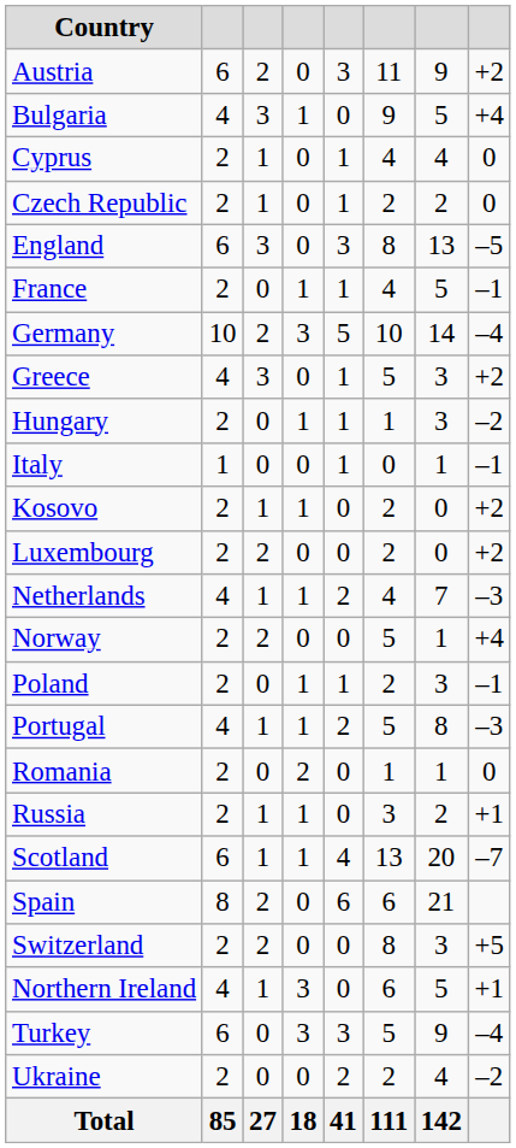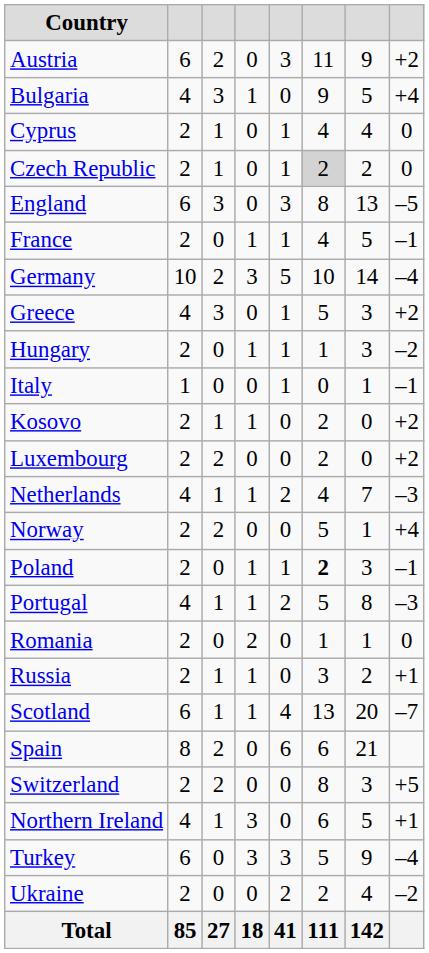 <table class="wikitable" style="text-align:center">
 <tr>
 <th style="background:#DCDCDC">Country</th>
 <th style="background:#DCDCDC"></th>
 <th style="background:#DCDCDC"></th>
 <th style="background:#DCDCDC"></th>
 <th style="background:#DCDCDC"></th>
 <th style="background:#DCDCDC"></th>
 <th style="background:#DCDCDC"></th>
 <th style="background:#DCDCDC"></th>
 </tr>
 <tr>
 <td align=left> <a href='#'>Austria</a></td>
 <td>6</td>
 <td>2</td>
 <td>0</td>
 <td>3</td>
 <td>11</td>
 <td>9</td>
 <td>+2</td>
 </tr>
 <tr>
 <td align=left> <a href='#'>Bulgaria</a></td>
 <td>4</td>
 <td>3</td>
 <td>1</td>
 <td>0</td>
 <td>9</td>
 <td>5</td>
 <td>+4</td>
 </tr>
 <tr>
 <td align=left> <a href='#'>Cyprus</a></td>
 <td>2</td>
 <td>1</td>
 <td>0</td>
 <td>1</td>
 <td>4</td>
 <td>4</td>
 <td>0</td>
 </tr>
 <tr>
 <td align=left> <a href='#'>Czech Republic</a></td>
 <td>2</td>
 <td>1</td>
 <td>0</td>
 <td>1</td>
-<td>2</td>
+<td style="background: lightgrey;">2</td>
 <td>2</td>
 <td>0</td>
 </tr>
 <tr>
 <td align=left> <a href='#'>England</a></td>
 <td>6</td>
 <td>3</td>
 <td>0</td>
 <td>3</td>
 <td>8</td>
 <td>13</td>
 <td>–5</td>
 </tr>
 <tr>
 <td align=left> <a href='#'>France</a></td>
 <td>2</td>
 <td>0</td>
 <td>1</td>
 <td>1</td>
 <td>4</td>
 <td>5</td>
 <td>–1</td>
 </tr>
 <tr>
 <td align=left> <a href='#'>Germany</a></td>
 <td>10</td>
 <td>2</td>
 <td>3</td>
 <td>5</td>
 <td>10</td>
 <td>14</td>
 <td>–4</td>
 </tr>
 <tr>
 <td align=left> <a href='#'>Greece</a></td>
 <td>4</td>
 <td>3</td>
 <td>0</td>
 <td>1</td>
 <td>5</td>
 <td>3</td>
 <td>+2</td>
 </tr>
 <tr>
 <td align=left> <a href='#'>Hungary</a></td>
 <td>2</td>
 <td>0</td>
 <td>1</td>
 <td>1</td>
 <td>1</td>
 <td>3</td>
 <td>–2</td>
 </tr>
 <tr>
 <td align=left> <a href='#'>Italy</a></td>
 <td>1</td>
 <td>0</td>
 <td>0</td>
 <td>1</td>
 <td>0</td>
 <td>1</td>
 <td>–1</td>
 </tr>
 <tr>
 <td align=left> <a href='#'>Kosovo</a></td>
 <td>2</td>
 <td>1</td>
 <td>1</td>
 <td>0</td>
 <td>2</td>
 <td>0</td>
 <td>+2</td>
 </tr>
 <tr>
 <td align=left> <a href='#'>Luxembourg</a></td>
 <td>2</td>
 <td>2</td>
 <td>0</td>
 <td>0</td>
 <td>2</td>
 <td>0</td>
 <td>+2</td>
 </tr>
 <tr>
 <td align=left> <a href='#'>Netherlands</a></td>
 <td>4</td>
 <td>1</td>
 <td>1</td>
 <td>2</td>
 <td>4</td>
 <td>7</td>
 <td>–3</td>
 </tr>
 <tr>
 <td align=left> <a href='#'>Norway</a></td>
 <td>2</td>
 <td>2</td>
 <td>0</td>
 <td>0</td>
 <td>5</td>
 <td>1</td>
 <td>+4</td>
 </tr>
 <tr>
 <td align=left> <a href='#'>Poland</a></td>
 <td>2</td>
 <td>0</td>
 <td>1</td>
 <td>1</td>
-<td>2</td>
+<td><strong>2</strong></td>
 <td>3</td>
 <td>–1</td>
 </tr>
 <tr>
 <td align=left> <a href='#'>Portugal</a></td>
 <td>4</td>
 <td>1</td>
 <td>1</td>
 <td>2</td>
 <td>5</td>
 <td>8</td>
 <td>–3</td>
 </tr>
 <tr>
 <td align=left> <a href='#'>Romania</a></td>
 <td>2</td>
 <td>0</td>
 <td>2</td>
 <td>0</td>
 <td>1</td>
 <td>1</td>
 <td>0</td>
 </tr>
 <tr>
 <td align=left> <a href='#'>Russia</a></td>
 <td>2</td>
 <td>1</td>
 <td>1</td>
 <td>0</td>
 <td>3</td>
 <td>2</td>
 <td>+1</td>
 </tr>
 <tr>
 <td align=left> <a href='#'>Scotland</a></td>
 <td>6</td>
 <td>1</td>
 <td>1</td>
 <td>4</td>
 <td>13</td>
 <td>20</td>
 <td>–7</td>
 </tr>
 <tr>
 <td align=left> <a href='#'>Spain</a></td>
 <td>8</td>
 <td>2</td>
 <td>0</td>
 <td>6</td>
 <td>6</td>
 <td>21</td>
 <td></td>
 </tr>
 <tr>
 <td align=left> <a href='#'>Switzerland</a></td>
 <td>2</td>
 <td>2</td>
 <td>0</td>
 <td>0</td>
 <td>8</td>
 <td>3</td>
 <td>+5</td>
 </tr>
 <tr>
 <td align=left> <a href='#'>Northern Ireland</a></td>
 <td>4</td>
 <td>1</td>
 <td>3</td>
 <td>0</td>
 <td>6</td>
 <td>5</td>
 <td>+1</td>
 </tr>
 <tr>
 <td align=left> <a href='#'>Turkey</a></td>
 <td>6</td>
 <td>0</td>
 <td>3</td>
 <td>3</td>
 <td>5</td>
 <td>9</td>
 <td>–4</td>
 </tr>
 <tr>
 <td align=left> <a href='#'>Ukraine</a></td>
 <td>2</td>
 <td>0</td>
 <td>0</td>
 <td>2</td>
 <td>2</td>
 <td>4</td>
 <td>–2</td>
 </tr>
 <tr>
 <th>Total</th>
 <th>85</th>
 <th>27</th>
 <th>18</th>
 <th>41</th>
 <th>111</th>
 <th>142</th>
 <th></th>
 </tr>
 </table>
